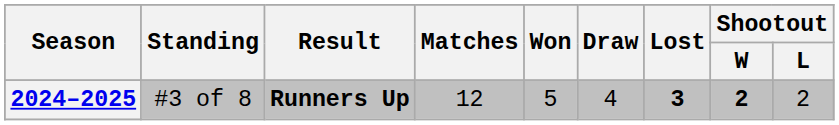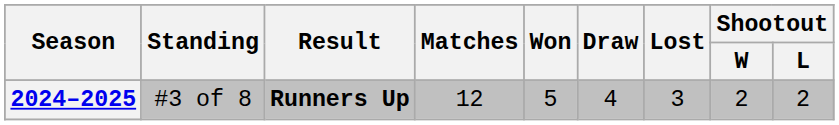 <table class="wikitable" style="text-align:center">
 <tr>
 <th rowspan=2>Season</th>
 <th rowspan=2>Standing</th>
 <th rowspan=2>Result</th>
 <th rowspan=2>Matches</th>
 <th rowspan=2>Won</th>
 <th rowspan=2>Draw</th>
 <th rowspan=2>Lost</th>
 <th colspan=2>Shootout</th>
 </tr>
 <tr>
 <th>W</th>
 <th>L</th>
 </tr>
 <tr bgcolor=silver>
 <th><a href='#'>2024–2025</a></th>
 <td>#3 of 8</td>
 <td><strong>Runners Up</strong></td>
 <td>12</td>
 <td>5</td>
 <td>4</td>
-<td><strong>3</strong></td>
-<td><strong>2</strong></td>
+<td>3</td>
+<td>2</td>
 <td>2</td>
 </tr>
 </table>
